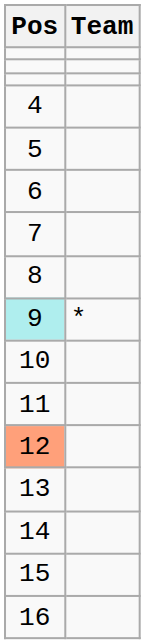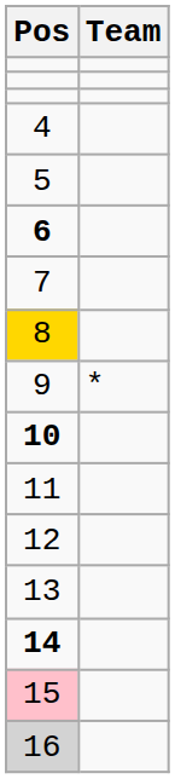 <table class="wikitable">
 <tr>
 <th align="center">Pos</th>
 <th align="center">Team</th>
 </tr>
 <tr>
 <td align="center"></td>
 <td></td>
 </tr>
 <tr>
 <td align="center"></td>
 <td></td>
 </tr>
 <tr>
 <td align="center"></td>
 <td></td>
 </tr>
 <tr>
 <td align="center">4</td>
 <td></td>
 </tr>
 <tr>
 <td align="center">5</td>
 <td></td>
 </tr>
 <tr>
-<td align="center">6</td>
+<td align="center"><strong>6</strong></td>
 <td></td>
 </tr>
 <tr>
 <td align="center">7</td>
 <td></td>
 </tr>
 <tr>
-<td align="center">8</td>
+<td align="center" style="background: gold;">8</td>
 <td></td>
 </tr>
 <tr>
-<td align="center" style="background: paleturquoise;">9</td>
+<td align="center">9</td>
 <td>*</td>
 </tr>
 <tr>
-<td align="center">10</td>
+<td align="center"><strong>10</strong></td>
 <td></td>
 </tr>
 <tr>
 <td align="center">11</td>
 <td></td>
 </tr>
 <tr>
-<td align="center" style="background: lightsalmon;">12</td>
+<td align="center">12</td>
 <td></td>
 </tr>
 <tr>
 <td align="center">13</td>
 <td></td>
 </tr>
 <tr>
-<td align="center">14</td>
+<td align="center"><strong>14</strong></td>
 <td></td>
 </tr>
 <tr>
-<td align="center">15</td>
+<td align="center" style="background: pink;">15</td>
 <td></td>
 </tr>
 <tr>
-<td align="center">16</td>
+<td align="center" style="background: lightgrey;">16</td>
 <td></td>
 </tr>
 </table>
